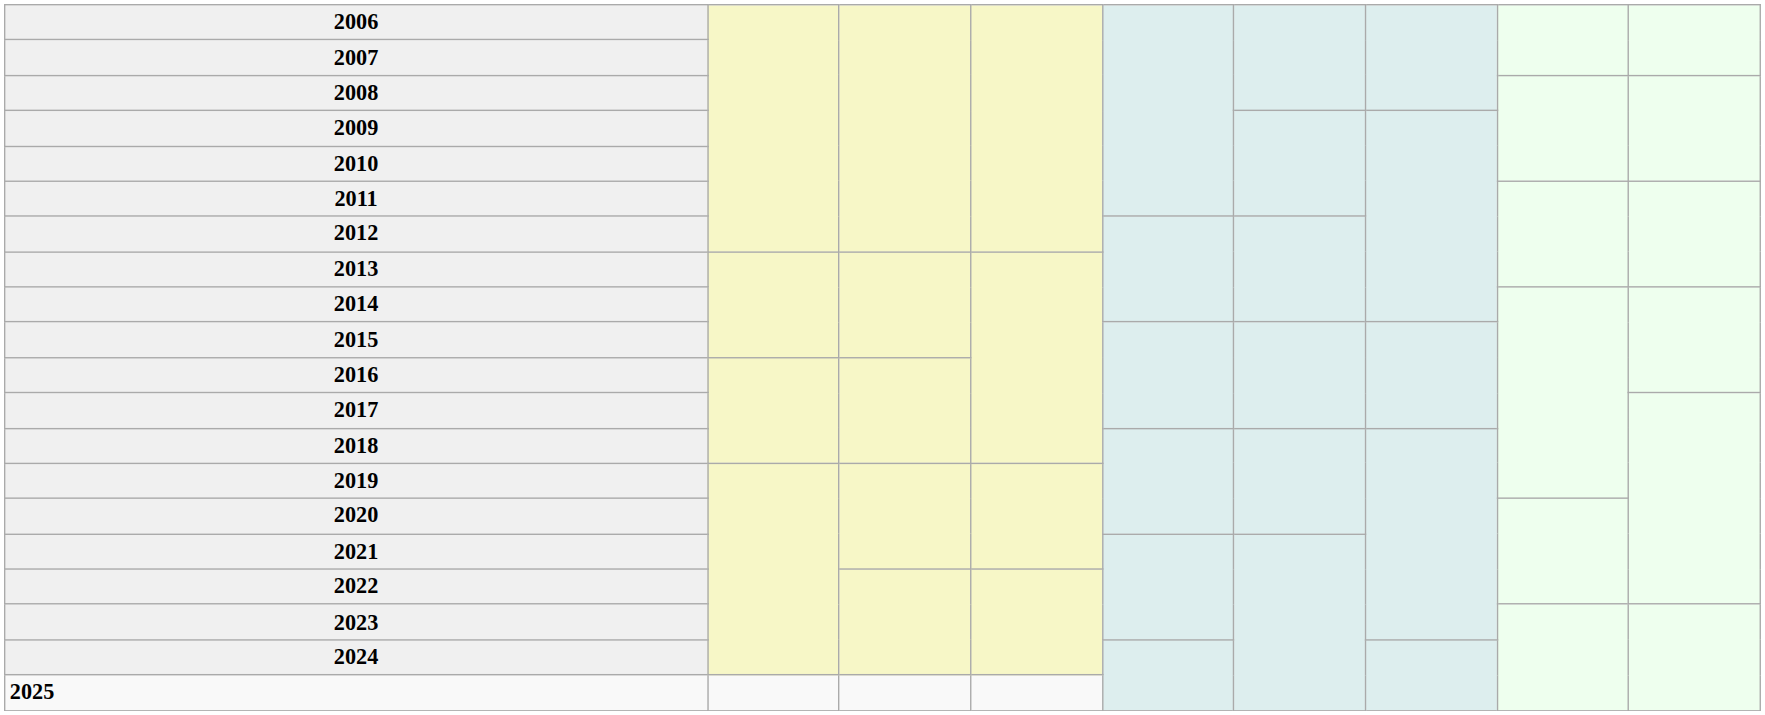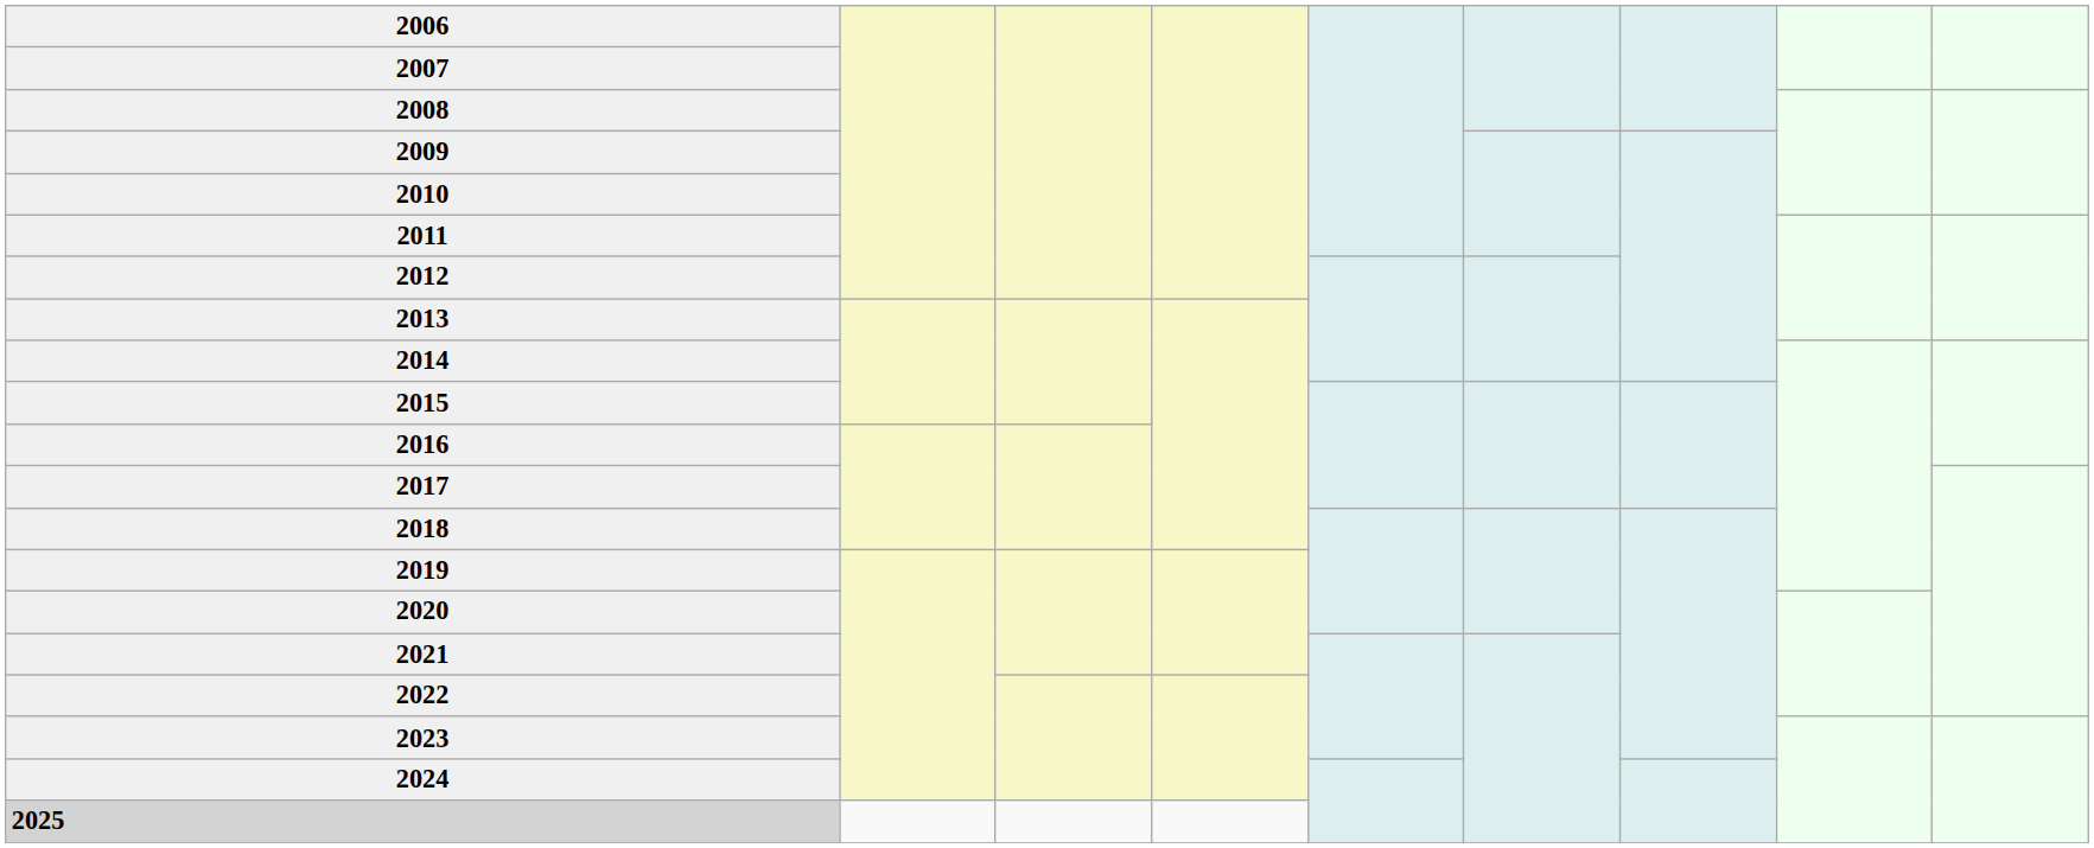 <table class="wikitable" width="100%" border="1" cellpadding="5" cellspacing="0">
 <tr align="center">
 <td style="background: #f0f0f0"><strong>2006</strong></td>
 <td style='background: #f7f7c7; ' valign="middle" rowspan=7></td>
 <td style='background: #f7f7c7; ' valign="middle" rowspan=7></td>
 <td style='background: #f7f7c7; ' valign="middle" rowspan=7></td>
 <td style='background: #ddeeee; ' valign="middle" rowspan=6></td>
 <td style='background: #ddeeee; ' valign="middle" rowspan=3></td>
 <td style='background: #ddeeee; ' valign="middle" rowspan=3></td>
 <td style='background: #eeffee; ' valign="middle" rowspan=2></td>
 <td style='background: #eeffee; ' valign="middle" rowspan=2></td>
 </tr>
 <tr align="center">
 <td style="background: #f0f0f0"><strong>2007</strong></td>
 </tr>
 <tr align="center">
 <td style="background: #f0f0f0"><strong>2008</strong></td>
 <td style='background: #eeffee; ' valign="middle" rowspan=3></td>
 <td style='background: #eeffee; ' valign="middle" rowspan=3></td>
 </tr>
 <tr align="center">
 <td style="background: #f0f0f0"><strong>2009</strong></td>
 <td style='background: #ddeeee; ' valign="middle" rowspan=3></td>
 <td style='background: #ddeeee; ' valign="middle" rowspan=6></td>
 </tr>
 <tr align="center">
 <td style="background: #f0f0f0"><strong>2010</strong></td>
 </tr>
 <tr align="center">
 <td style="background: #f0f0f0"><strong>2011</strong></td>
 <td style='background: #eeffee; ' valign="middle" rowspan=3></td>
 <td style='background: #eeffee; ' valign="middle" rowspan=3></td>
 </tr>
 <tr align="center">
 <td style="background: #f0f0f0"><strong>2012</strong></td>
 <td style='background: #ddeeee; ' valign="middle" rowspan=3></td>
 <td style='background: #ddeeee; ' valign="middle" rowspan=3></td>
 </tr>
 <tr align="center">
 <td style="background: #f0f0f0"><strong>2013</strong></td>
 <td style='background: #f7f7c7; ' valign="middle" rowspan=3></td>
 <td style='background: #f7f7c7; ' valign="middle" rowspan=3></td>
 <td style='background: #f7f7c7; ' valign="middle" rowspan=6></td>
 </tr>
 <tr align="center">
 <td style="background: #f0f0f0"><strong>2014</strong></td>
 <td style='background: #eeffee; ' valign="middle" rowspan=6></td>
 <td style='background: #eeffee; ' valign="middle" rowspan=3></td>
 </tr>
 <tr align="center">
 <td style="background: #f0f0f0"><strong>2015</strong></td>
 <td style='background: #ddeeee; ' valign="middle" rowspan=3></td>
 <td style='background: #ddeeee; ' valign="middle" rowspan=3></td>
 <td style='background: #ddeeee; ' valign="middle" rowspan=3></td>
 </tr>
 <tr align="center">
 <td style="background: #f0f0f0"><strong>2016</strong></td>
 <td style='background: #f7f7c7; ' valign="middle" rowspan=3></td>
 <td style='background: #f7f7c7; ' valign="middle" rowspan=3></td>
 </tr>
 <tr align="center">
 <td style="background: #f0f0f0"><strong>2017</strong></td>
 <td style='background: #eeffee; ' valign="middle" rowspan=6></td>
 </tr>
 <tr align="center">
 <td style="background: #f0f0f0"><strong>2018</strong></td>
 <td style='background: #ddeeee; ' valign="middle" rowspan=3></td>
 <td style='background: #ddeeee; ' valign="middle" rowspan=3></td>
 <td style='background: #ddeeee; ' valign="middle" rowspan=6></td>
 </tr>
 <tr align="center">
 <td style="background: #f0f0f0"><strong>2019</strong></td>
 <td style='background: #f7f7c7; ' valign="middle" rowspan=6></td>
 <td style='background: #f7f7c7; ' valign="middle" rowspan=3></td>
 <td style='background: #f7f7c7; ' valign="middle" rowspan=3></td>
 </tr>
 <tr align="center">
 <td style="background: #f0f0f0"><strong>2020</strong></td>
 <td style='background: #eeffee; ' valign="middle" rowspan=3></td>
 </tr>
 <tr align="center">
 <td style="background: #f0f0f0"><strong>2021</strong></td>
 <td style='background: #ddeeee; ' valign="middle" rowspan=3></td>
 <td rowspan="5" style="background: #ddeeee; " valign="middle"></td>
 </tr>
 <tr align="center">
 <td style="background: #f0f0f0"><strong>2022</strong></td>
 <td style='background: #f7f7c7; ' valign="middle" rowspan=3></td>
 <td style='background: #f7f7c7; ' valign="middle" rowspan=3></td>
 </tr>
 <tr align="center">
 <td style="background: #f0f0f0"><strong>2023</strong></td>
 <td rowspan="3" style="background: #eeffee; " valign="middle"></td>
 <td rowspan="3" style="background: #eeffee; " valign="middle"></td>
 </tr>
 <tr align="center">
 <td style="background: #f0f0f0"><strong>2024</strong></td>
 <td rowspan="2" style="background: #ddeeee; " valign="middle"></td>
 <td rowspan="2" style="background: #ddeeee; " valign="middle"></td>
 </tr>
 <tr>
-<td><strong>2025</strong></td>
+<td style="background: lightgrey;"><strong>2025</strong></td>
 <td></td>
 <td></td>
 <td></td>
 </tr>
 </table>
